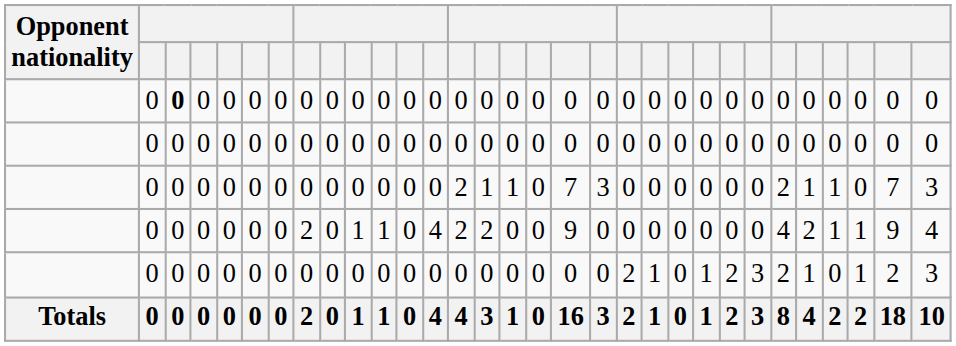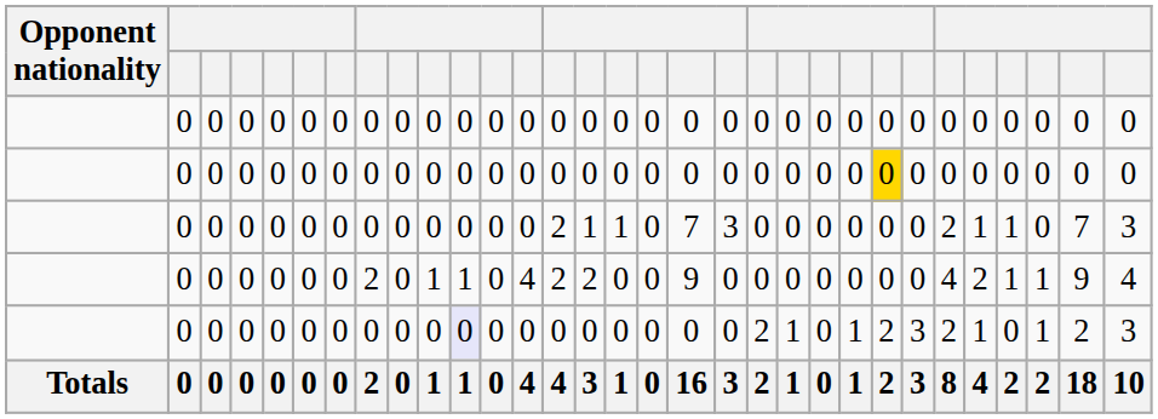 <table class="wikitable " style="text-align:center; font-size:80%">
 <tr>
 <th rowspan="2">Opponent<br>nationality</th>
 <th colspan="6"></th>
 <th colspan="6"></th>
 <th colspan="6"></th>
 <th colspan="6"></th>
 <th colspan="6"></th>
 </tr>
 <tr>
 <th></th>
 <th></th>
 <th></th>
 <th></th>
 <th></th>
 <th></th>
 <th></th>
 <th></th>
 <th></th>
 <th></th>
 <th></th>
 <th></th>
 <th></th>
 <th></th>
 <th></th>
 <th></th>
 <th></th>
 <th></th>
 <th></th>
 <th></th>
 <th></th>
 <th></th>
 <th></th>
 <th></th>
 <th></th>
 <th></th>
 <th></th>
 <th></th>
 <th></th>
 <th></th>
 </tr>
 <tr>
 <td></td>
 <td>0</td>
-<td><strong>0</strong></td>
+<td>0</td>
 <td>0</td>
 <td>0</td>
 <td>0</td>
 <td>0</td>
 <td>0</td>
 <td>0</td>
 <td>0</td>
 <td>0</td>
 <td>0</td>
 <td>0</td>
 <td>0</td>
 <td>0</td>
 <td>0</td>
 <td>0</td>
 <td>0</td>
 <td>0</td>
 <td>0</td>
 <td>0</td>
 <td>0</td>
 <td>0</td>
 <td>0</td>
 <td>0</td>
 <td>0</td>
 <td>0</td>
 <td>0</td>
 <td>0</td>
 <td>0</td>
 <td>0</td>
 </tr>
 <tr>
 <td></td>
 <td>0</td>
 <td>0</td>
 <td>0</td>
 <td>0</td>
 <td>0</td>
 <td>0</td>
 <td>0</td>
 <td>0</td>
 <td>0</td>
 <td>0</td>
 <td>0</td>
 <td>0</td>
 <td>0</td>
 <td>0</td>
 <td>0</td>
 <td>0</td>
 <td>0</td>
 <td>0</td>
 <td>0</td>
 <td>0</td>
 <td>0</td>
 <td>0</td>
-<td>0</td>
+<td style="background: gold;">0</td>
 <td>0</td>
 <td>0</td>
 <td>0</td>
 <td>0</td>
 <td>0</td>
 <td>0</td>
 <td>0</td>
 </tr>
 <tr>
 <td></td>
 <td>0</td>
 <td>0</td>
 <td>0</td>
 <td>0</td>
 <td>0</td>
 <td>0</td>
 <td>0</td>
 <td>0</td>
 <td>0</td>
 <td>0</td>
 <td>0</td>
 <td>0</td>
 <td>2</td>
 <td>1</td>
 <td>1</td>
 <td>0</td>
 <td>7</td>
 <td>3</td>
 <td>0</td>
 <td>0</td>
 <td>0</td>
 <td>0</td>
 <td>0</td>
 <td>0</td>
 <td>2</td>
 <td>1</td>
 <td>1</td>
 <td>0</td>
 <td>7</td>
 <td>3</td>
 </tr>
 <tr>
 <td></td>
 <td>0</td>
 <td>0</td>
 <td>0</td>
 <td>0</td>
 <td>0</td>
 <td>0</td>
 <td>2</td>
 <td>0</td>
 <td>1</td>
 <td>1</td>
 <td>0</td>
 <td>4</td>
 <td>2</td>
 <td>2</td>
 <td>0</td>
 <td>0</td>
 <td>9</td>
 <td>0</td>
 <td>0</td>
 <td>0</td>
 <td>0</td>
 <td>0</td>
 <td>0</td>
 <td>0</td>
 <td>4</td>
 <td>2</td>
 <td>1</td>
 <td>1</td>
 <td>9</td>
 <td>4</td>
 </tr>
 <tr>
 <td></td>
 <td>0</td>
 <td>0</td>
 <td>0</td>
 <td>0</td>
 <td>0</td>
 <td>0</td>
 <td>0</td>
 <td>0</td>
 <td>0</td>
-<td>0</td>
+<td style="background: lavender;">0</td>
 <td>0</td>
 <td>0</td>
 <td>0</td>
 <td>0</td>
 <td>0</td>
 <td>0</td>
 <td>0</td>
 <td>0</td>
 <td>2</td>
 <td>1</td>
 <td>0</td>
 <td>1</td>
 <td>2</td>
 <td>3</td>
 <td>2</td>
 <td>1</td>
 <td>0</td>
 <td>1</td>
 <td>2</td>
 <td>3</td>
 </tr>
 <tr>
 <th>Totals</th>
 <th>0</th>
 <th>0</th>
 <th>0</th>
 <th>0</th>
 <th>0</th>
 <th>0</th>
 <th>2</th>
 <th>0</th>
 <th>1</th>
 <th>1</th>
 <th>0</th>
 <th>4</th>
 <th>4</th>
 <th>3</th>
 <th>1</th>
 <th>0</th>
 <th>16</th>
 <th>3</th>
 <th>2</th>
 <th>1</th>
 <th>0</th>
 <th>1</th>
 <th>2</th>
 <th>3</th>
 <th>8</th>
 <th>4</th>
 <th>2</th>
 <th>2</th>
 <th>18</th>
 <th>10</th>
 </tr>
 </table>
